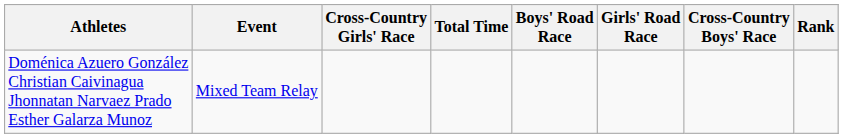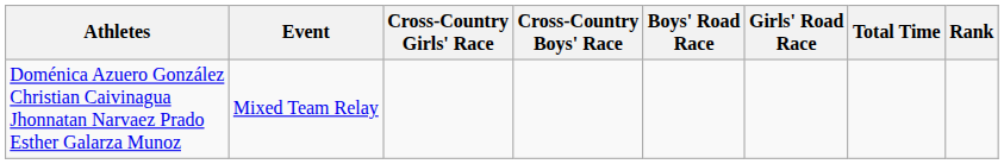 <table class="wikitable" style="font-size:90%;">
 <tr>
 <th>Athletes</th>
 <th>Event</th>
 <th>Cross-Country<br>Girls' Race</th>
-<th>Total Time</th>
+<th>Cross-Country<br>Boys' Race</th>
 <th>Boys' Road<br>Race</th>
 <th>Girls' Road<br>Race</th>
-<th>Cross-Country<br>Boys' Race</th>
+<th>Total Time</th>
 <th>Rank</th>
 </tr>
 <tr align=center>
 <td align=left><a href='#'>Doménica Azuero González</a><br><a href='#'>Christian Caivinagua</a><br><a href='#'>Jhonnatan Narvaez Prado</a><br><a href='#'>Esther Galarza Munoz</a></td>
 <td align=left><a href='#'>Mixed Team Relay</a></td>
 <td></td>
 <td></td>
 <td></td>
 <td></td>
 <td></td>
 <td></td>
 </tr>
 </table>
